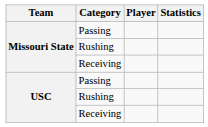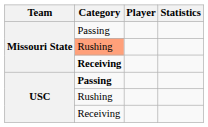 <table class="wikitable" style="float:right">
 <tr>
 <th>Team</th>
 <th>Category</th>
 <th>Player</th>
 <th>Statistics</th>
 </tr>
 <tr>
 <th rowspan=3>Missouri State</th>
 <td>Passing</td>
 <td></td>
 <td></td>
 </tr>
 <tr>
-<td>Rushing</td>
+<td style="background: lightsalmon;">Rushing</td>
 <td></td>
 <td></td>
 </tr>
 <tr>
-<td>Receiving</td>
+<td><strong>Receiving</strong></td>
 <td></td>
 <td></td>
 </tr>
 <tr>
 <th rowspan=3>USC</th>
-<td>Passing</td>
+<td><strong>Passing</strong></td>
 <td></td>
 <td></td>
 </tr>
 <tr>
 <td>Rushing</td>
 <td></td>
 <td></td>
 </tr>
 <tr>
 <td>Receiving</td>
 <td></td>
 <td></td>
 </tr>
 </table>
